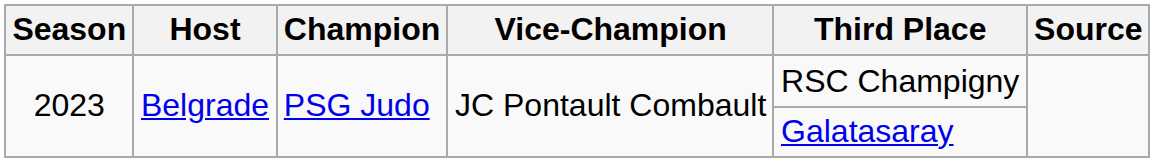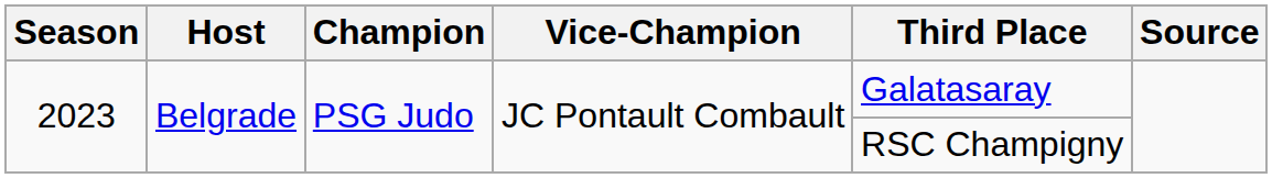 <table class="wikitable">
 <tr>
 <th>Season</th>
 <th>Host</th>
 <th>Champion</th>
 <th>Vice-Champion</th>
 <th>Third Place</th>
 <th>Source</th>
 </tr>
 <tr>
 <td rowspan="2" align="center">2023</td>
 <td rowspan="2"> <a href='#'>Belgrade</a></td>
 <td rowspan="2"> <a href='#'>PSG Judo</a></td>
 <td rowspan="2"> JC Pontault Combault</td>
-<td> RSC Champigny</td>
+<td> <a href='#'>Galatasaray</a></td>
 <td rowspan="2"></td>
 </tr>
 <tr>
-<td> <a href='#'>Galatasaray</a></td>
+<td> RSC Champigny</td>
 </tr>
 </table>
